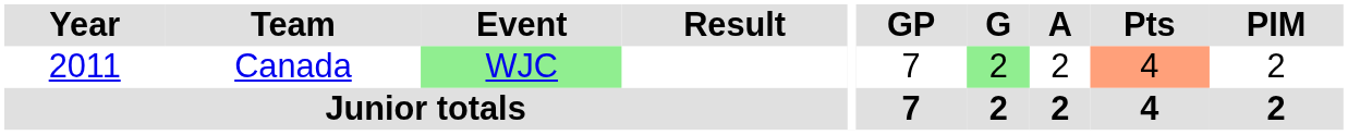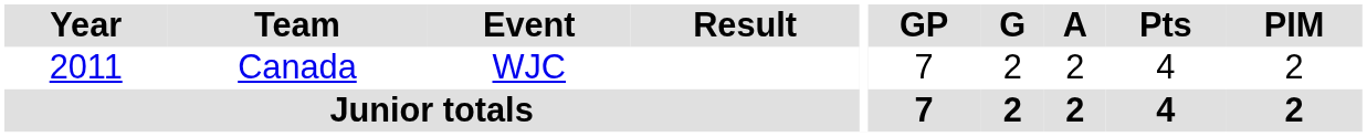 <table border="0" cellpadding="1" cellspacing="0" ID="Table3" style="text-align:center; width:40em">
 <tr ALIGN="center" bgcolor="#e0e0e0">
 <th>Year</th>
 <th>Team</th>
 <th>Event</th>
 <th>Result</th>
 <th rowspan="99" bgcolor="#ffffff"></th>
 <th>GP</th>
 <th>G</th>
 <th>A</th>
 <th>Pts</th>
 <th>PIM</th>
 </tr>
 <tr>
 <td><a href='#'>2011</a></td>
 <td><a href='#'>Canada</a></td>
-<td style="background: lightgreen;"><a href='#'>WJC</a></td>
+<td><a href='#'>WJC</a></td>
 <td></td>
 <td>7</td>
-<td style="background: lightgreen;">2</td>
 <td>2</td>
-<td style="background: lightsalmon;">4</td>
+<td>2</td>
+<td>4</td>
 <td>2</td>
 </tr>
 <tr bgcolor="#e0e0e0">
 <th colspan=4>Junior totals</th>
 <th>7</th>
 <th>2</th>
 <th>2</th>
 <th>4</th>
 <th>2</th>
 </tr>
 </table>
